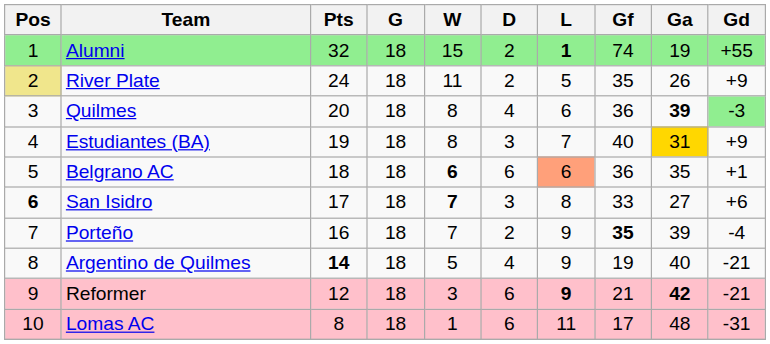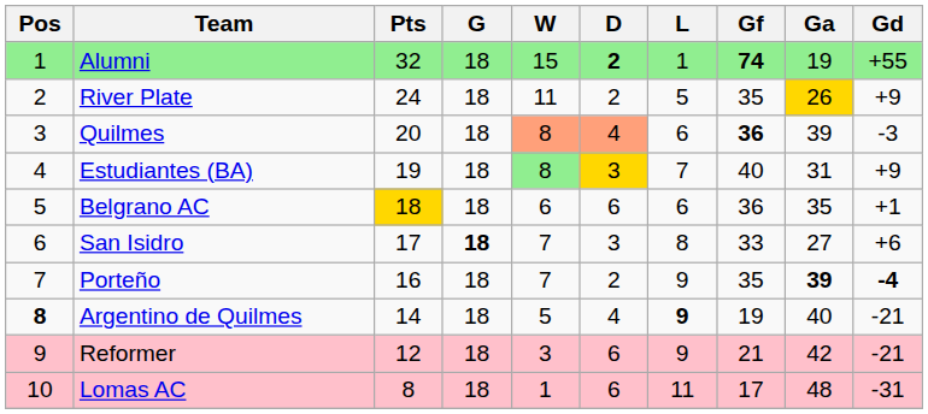 <table class="wikitable" style="text-align:center">
 <tr>
 <th width=40px>Pos</th>
 <th width=200px>Team</th>
 <th width=40px>Pts</th>
 <th width=40px>G</th>
 <th width=40px>W</th>
 <th width=40px>D</th>
 <th width=40px>L</th>
 <th width=40px>Gf</th>
 <th width=40px>Ga</th>
 <th width=40px>Gd</th>
 </tr>
 <tr align=center bgcolor="lightgreen">
 <td>1</td>
 <td align=left><a href='#'>Alumni</a></td>
 <td>32</td>
 <td>18</td>
 <td>15</td>
-<td>2</td>
-<td><strong>1</strong></td>
-<td>74</td>
+<td><strong>2</strong></td>
+<td>1</td>
+<td><strong>74</strong></td>
 <td>19</td>
 <td>+55</td>
 </tr>
 <tr>
-<td style="background: khaki;">2</td>
+<td>2</td>
 <td align=left><a href='#'>River Plate</a></td>
 <td>24</td>
 <td>18</td>
 <td>11</td>
 <td>2</td>
 <td>5</td>
 <td>35</td>
-<td>26</td>
+<td style="background: gold;">26</td>
 <td>+9</td>
 </tr>
 <tr>
 <td>3</td>
 <td align=left><a href='#'>Quilmes</a></td>
 <td>20</td>
 <td>18</td>
-<td>8</td>
-<td>4</td>
+<td style="background: lightsalmon;">8</td>
+<td style="background: lightsalmon;">4</td>
 <td>6</td>
-<td>36</td>
-<td><strong>39</strong></td>
-<td style="background: lightgreen;">-3</td>
+<td><strong>36</strong></td>
+<td>39</td>
+<td>-3</td>
 </tr>
 <tr>
 <td>4</td>
 <td align=left><a href='#'>Estudiantes (BA)</a></td>
 <td>19</td>
 <td>18</td>
-<td>8</td>
-<td>3</td>
+<td style="background: lightgreen;">8</td>
+<td style="background: gold;">3</td>
 <td>7</td>
 <td>40</td>
-<td style="background: gold;">31</td>
+<td>31</td>
 <td>+9</td>
 </tr>
 <tr>
 <td>5</td>
 <td align=left><a href='#'>Belgrano AC</a></td>
+<td style="background: gold;">18</td>
 <td>18</td>
-<td>18</td>
-<td><strong>6</strong></td>
 <td>6</td>
-<td style="background: lightsalmon;">6</td>
+<td>6</td>
+<td>6</td>
 <td>36</td>
 <td>35</td>
 <td>+1</td>
 </tr>
 <tr>
-<td><strong>6</strong></td>
+<td>6</td>
 <td align=left><a href='#'>San Isidro</a></td>
 <td>17</td>
-<td>18</td>
-<td><strong>7</strong></td>
+<td><strong>18</strong></td>
+<td>7</td>
 <td>3</td>
 <td>8</td>
 <td>33</td>
 <td>27</td>
 <td>+6</td>
 </tr>
 <tr>
 <td>7</td>
 <td align=left><a href='#'>Porteño</a></td>
 <td>16</td>
 <td>18</td>
 <td>7</td>
 <td>2</td>
 <td>9</td>
-<td><strong>35</strong></td>
-<td>39</td>
-<td>-4</td>
+<td>35</td>
+<td><strong>39</strong></td>
+<td><strong>-4</strong></td>
 </tr>
 <tr>
-<td>8</td>
+<td><strong>8</strong></td>
 <td align=left><a href='#'>Argentino de Quilmes</a></td>
-<td><strong>14</strong></td>
+<td>14</td>
 <td>18</td>
 <td>5</td>
 <td>4</td>
-<td>9</td>
+<td><strong>9</strong></td>
 <td>19</td>
 <td>40</td>
 <td>-21</td>
 </tr>
 <tr bgcolor="pink">
 <td>9</td>
 <td align=left>Reformer</td>
 <td>12</td>
 <td>18</td>
 <td>3</td>
 <td>6</td>
-<td><strong>9</strong></td>
+<td>9</td>
 <td>21</td>
-<td><strong>42</strong></td>
+<td>42</td>
 <td>-21</td>
 </tr>
 <tr bgcolor="pink">
 <td>10</td>
 <td align=left><a href='#'>Lomas AC</a></td>
 <td>8</td>
 <td>18</td>
 <td>1</td>
 <td>6</td>
 <td>11</td>
 <td>17</td>
 <td>48</td>
 <td>-31</td>
 </tr>
 <tr>
 </tr>
 </table>
